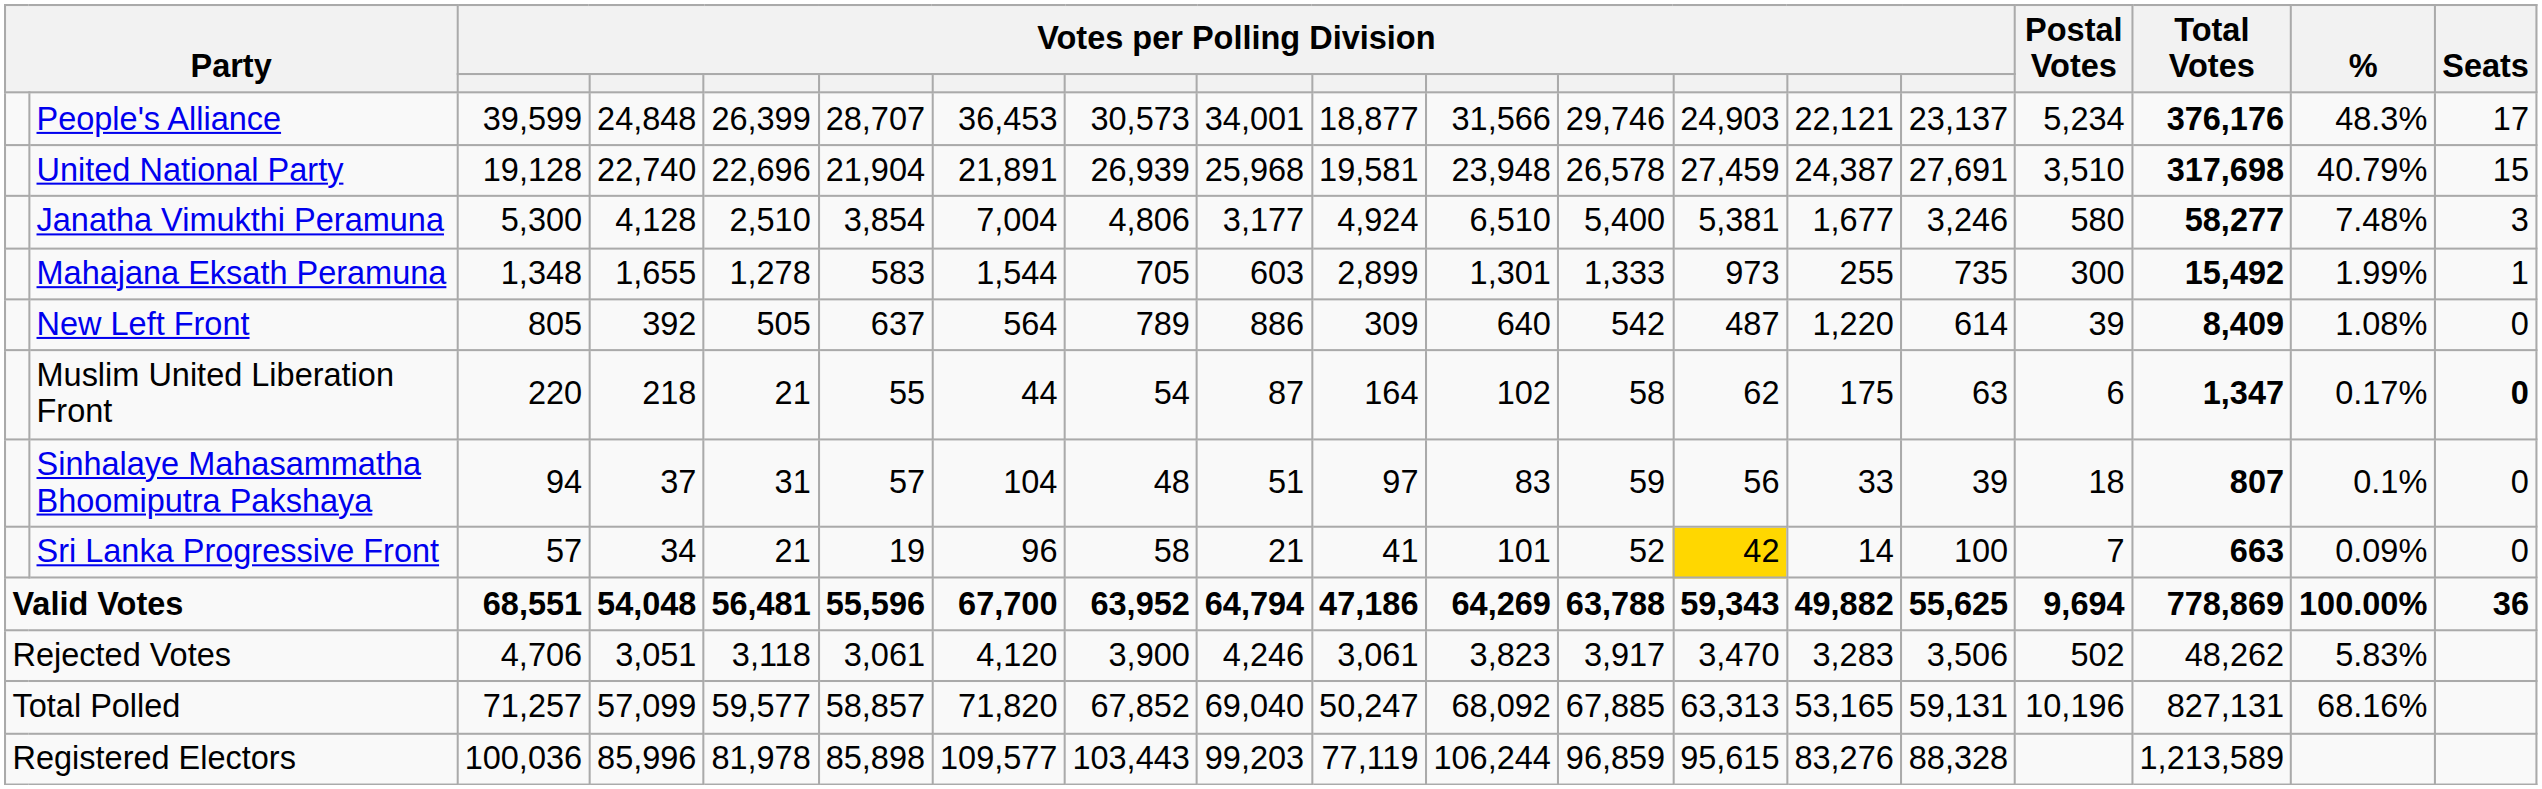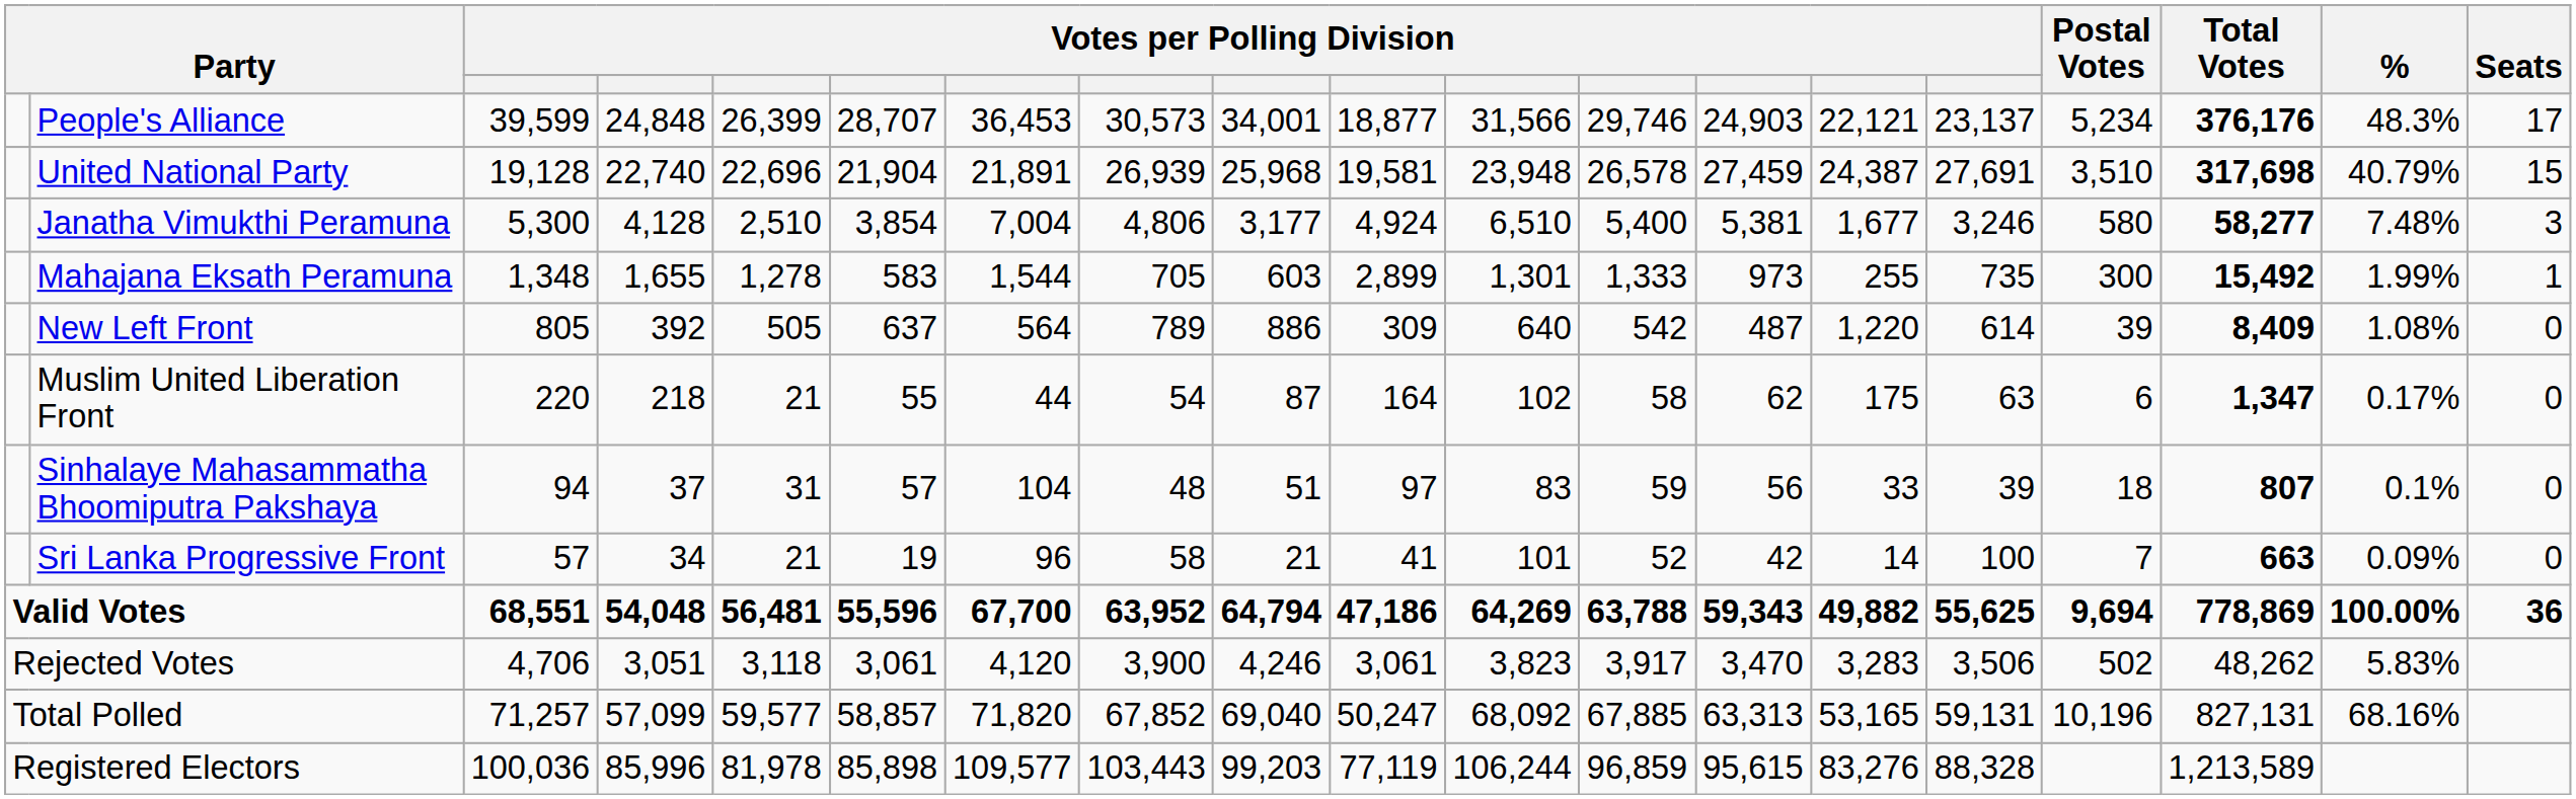 <table class="wikitable" style="text-align:right;">
 <tr>
 <th align=left valign=bottom rowspan=2 colspan=2>Party</th>
 <th colspan=13>Votes per Polling Division</th>
 <th align=center valign=bottom rowspan=2 width="50">Postal<br>Votes</th>
 <th align=center valign=bottom rowspan=2 width="50">Total Votes</th>
 <th align=center valign=bottom rowspan=2 width="50">%</th>
 <th align=center valign=bottom rowspan=2 width="40">Seats</th>
 </tr>
 <tr>
 <th></th>
 <th></th>
 <th></th>
 <th></th>
 <th></th>
 <th></th>
 <th></th>
 <th></th>
 <th></th>
 <th></th>
 <th></th>
 <th></th>
 <th></th>
 </tr>
 <tr>
 <td bgcolor=> </td>
 <td align=left><a href='#'>People's Alliance</a></td>
 <td>39,599</td>
 <td>24,848</td>
 <td>26,399</td>
 <td>28,707</td>
 <td>36,453</td>
 <td>30,573</td>
 <td>34,001</td>
 <td>18,877</td>
 <td>31,566</td>
 <td>29,746</td>
 <td>24,903</td>
 <td>22,121</td>
 <td>23,137</td>
 <td>5,234</td>
 <td><strong>376,176</strong></td>
 <td>48.3%</td>
 <td>17</td>
 </tr>
 <tr>
 <td bgcolor=> </td>
 <td align=left><a href='#'>United National Party</a></td>
 <td>19,128</td>
 <td>22,740</td>
 <td>22,696</td>
 <td>21,904</td>
 <td>21,891</td>
 <td>26,939</td>
 <td>25,968</td>
 <td>19,581</td>
 <td>23,948</td>
 <td>26,578</td>
 <td>27,459</td>
 <td>24,387</td>
 <td>27,691</td>
 <td>3,510</td>
 <td><strong>317,698</strong></td>
 <td>40.79%</td>
 <td>15</td>
 </tr>
 <tr>
 <td bgcolor=> </td>
 <td align=left><a href='#'>Janatha Vimukthi Peramuna</a></td>
 <td>5,300</td>
 <td>4,128</td>
 <td>2,510</td>
 <td>3,854</td>
 <td>7,004</td>
 <td>4,806</td>
 <td>3,177</td>
 <td>4,924</td>
 <td>6,510</td>
 <td>5,400</td>
 <td>5,381</td>
 <td>1,677</td>
 <td>3,246</td>
 <td>580</td>
 <td><strong>58,277</strong></td>
 <td>7.48%</td>
 <td>3</td>
 </tr>
 <tr>
 <td bgcolor=> </td>
 <td align=left><a href='#'>Mahajana Eksath Peramuna</a></td>
 <td>1,348</td>
 <td>1,655</td>
 <td>1,278</td>
 <td>583</td>
 <td>1,544</td>
 <td>705</td>
 <td>603</td>
 <td>2,899</td>
 <td>1,301</td>
 <td>1,333</td>
 <td>973</td>
 <td>255</td>
 <td>735</td>
 <td>300</td>
 <td><strong>15,492</strong></td>
 <td>1.99%</td>
 <td>1</td>
 </tr>
 <tr>
 <td bgcolor=> </td>
 <td align=left><a href='#'>New Left Front</a></td>
 <td>805</td>
 <td>392</td>
 <td>505</td>
 <td>637</td>
 <td>564</td>
 <td>789</td>
 <td>886</td>
 <td>309</td>
 <td>640</td>
 <td>542</td>
 <td>487</td>
 <td>1,220</td>
 <td>614</td>
 <td>39</td>
 <td><strong>8,409</strong></td>
 <td>1.08%</td>
 <td>0</td>
 </tr>
 <tr>
 <td bgcolor=> </td>
 <td align=left>Muslim United Liberation Front</td>
 <td>220</td>
 <td>218</td>
 <td>21</td>
 <td>55</td>
 <td>44</td>
 <td>54</td>
 <td>87</td>
 <td>164</td>
 <td>102</td>
 <td>58</td>
 <td>62</td>
 <td>175</td>
 <td>63</td>
 <td>6</td>
 <td><strong>1,347</strong></td>
 <td>0.17%</td>
-<td><strong>0</strong></td>
+<td>0</td>
 </tr>
 <tr>
 <td bgcolor=> </td>
 <td align=left><a href='#'>Sinhalaye Mahasammatha Bhoomiputra Pakshaya</a></td>
 <td>94</td>
 <td>37</td>
 <td>31</td>
 <td>57</td>
 <td>104</td>
 <td>48</td>
 <td>51</td>
 <td>97</td>
 <td>83</td>
 <td>59</td>
 <td>56</td>
 <td>33</td>
 <td>39</td>
 <td>18</td>
 <td><strong>807</strong></td>
 <td>0.1%</td>
 <td>0</td>
 </tr>
 <tr>
 <td bgcolor=> </td>
 <td align=left><a href='#'>Sri Lanka Progressive Front</a></td>
 <td>57</td>
 <td>34</td>
 <td>21</td>
 <td>19</td>
 <td>96</td>
 <td>58</td>
 <td>21</td>
 <td>41</td>
 <td>101</td>
 <td>52</td>
-<td style="background: gold;">42</td>
+<td>42</td>
 <td>14</td>
 <td>100</td>
 <td>7</td>
 <td><strong>663</strong></td>
 <td>0.09%</td>
 <td>0</td>
 </tr>
 <tr style="font-weight:bold">
 <td style="text-align:left;" colspan="2">Valid Votes</td>
 <td>68,551</td>
 <td>54,048</td>
 <td>56,481</td>
 <td>55,596</td>
 <td>67,700</td>
 <td>63,952</td>
 <td>64,794</td>
 <td>47,186</td>
 <td>64,269</td>
 <td>63,788</td>
 <td>59,343</td>
 <td>49,882</td>
 <td>55,625</td>
 <td>9,694</td>
 <td>778,869</td>
 <td>100.00%</td>
 <td>36</td>
 </tr>
 <tr>
 <td style="text-align:left;" colspan="2">Rejected Votes</td>
 <td>4,706</td>
 <td>3,051</td>
 <td>3,118</td>
 <td>3,061</td>
 <td>4,120</td>
 <td>3,900</td>
 <td>4,246</td>
 <td>3,061</td>
 <td>3,823</td>
 <td>3,917</td>
 <td>3,470</td>
 <td>3,283</td>
 <td>3,506</td>
 <td>502</td>
 <td>48,262</td>
 <td>5.83%</td>
 <td></td>
 </tr>
 <tr>
 <td style="text-align:left;" colspan="2">Total Polled</td>
 <td>71,257</td>
 <td>57,099</td>
 <td>59,577</td>
 <td>58,857</td>
 <td>71,820</td>
 <td>67,852</td>
 <td>69,040</td>
 <td>50,247</td>
 <td>68,092</td>
 <td>67,885</td>
 <td>63,313</td>
 <td>53,165</td>
 <td>59,131</td>
 <td>10,196</td>
 <td>827,131</td>
 <td>68.16%</td>
 <td></td>
 </tr>
 <tr>
 <td style="text-align:left;" colspan="2">Registered Electors</td>
 <td>100,036</td>
 <td>85,996</td>
 <td>81,978</td>
 <td>85,898</td>
 <td>109,577</td>
 <td>103,443</td>
 <td>99,203</td>
 <td>77,119</td>
 <td>106,244</td>
 <td>96,859</td>
 <td>95,615</td>
 <td>83,276</td>
 <td>88,328</td>
 <td></td>
 <td>1,213,589</td>
 <td></td>
 <td></td>
 </tr>
 </table>
